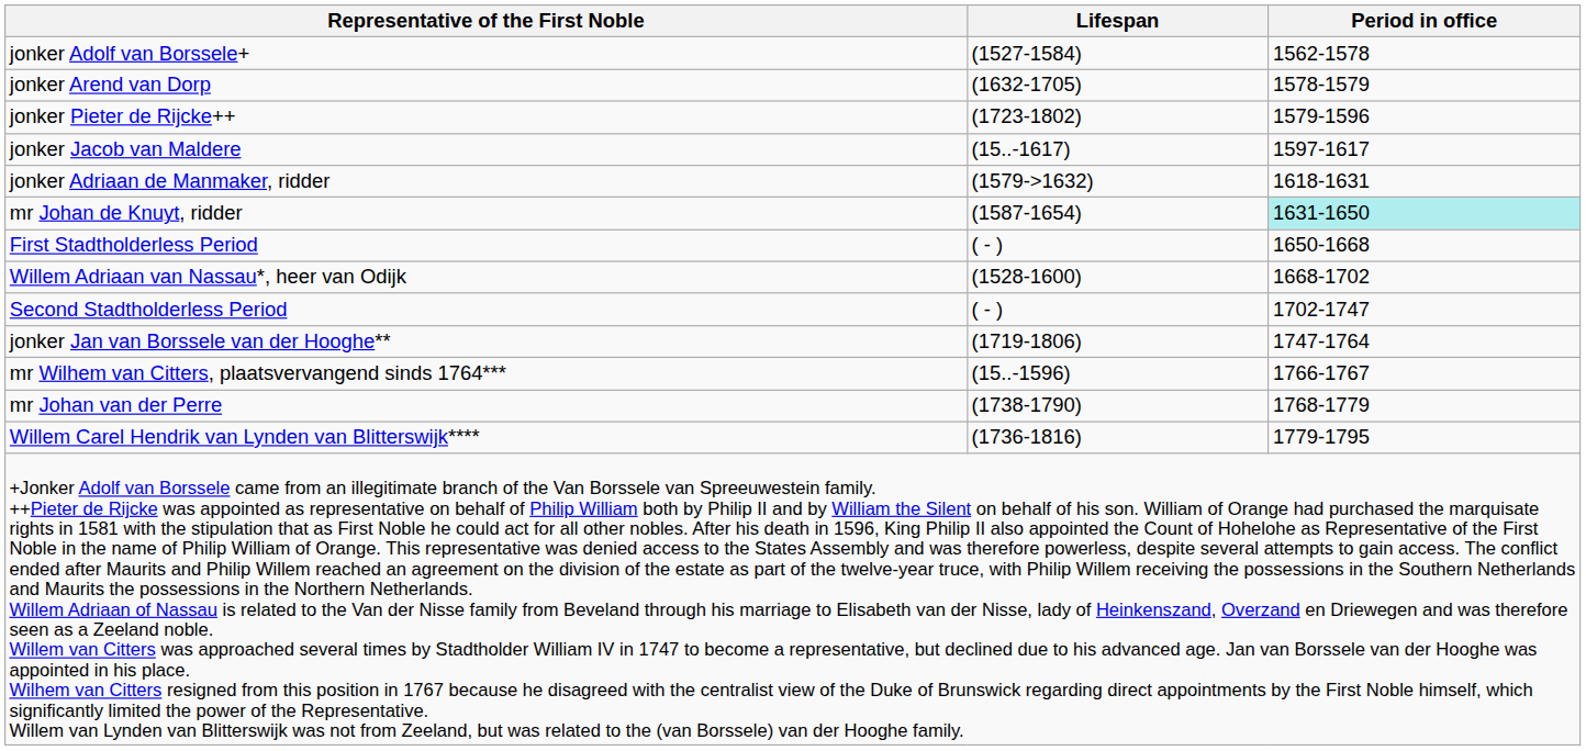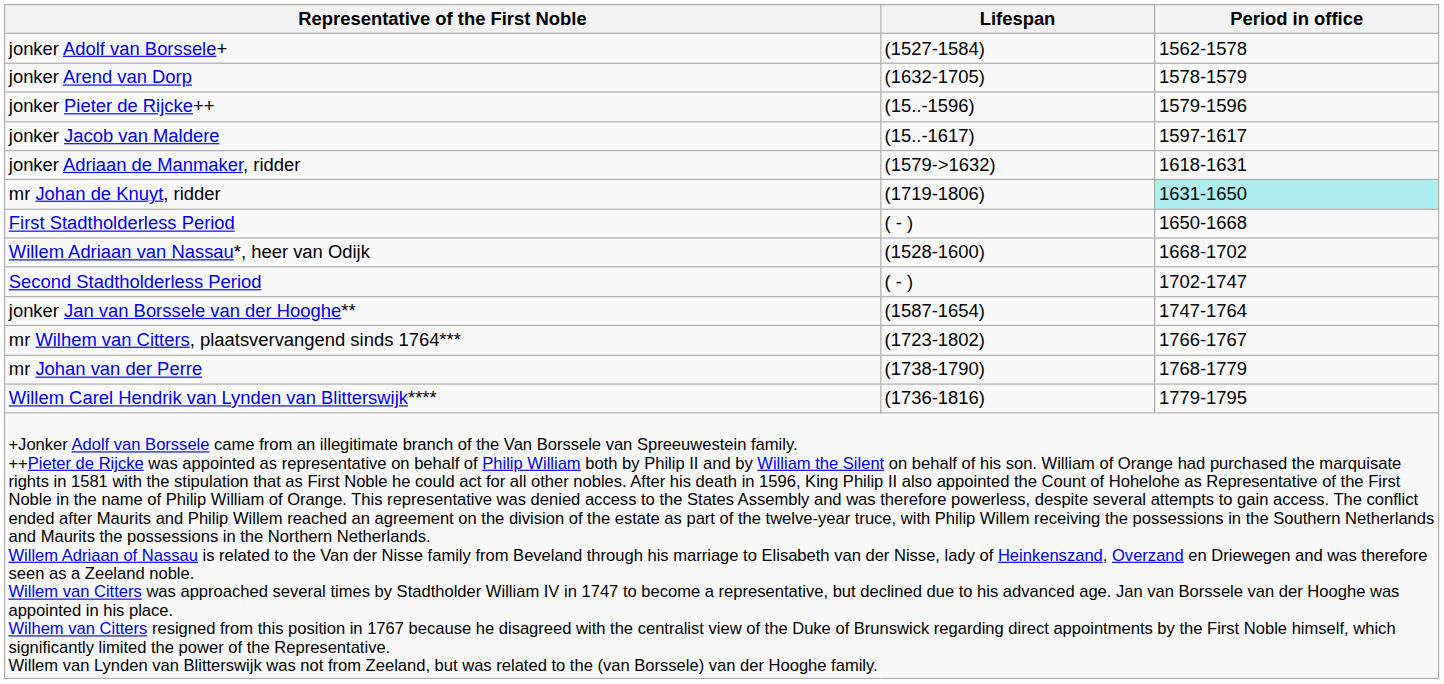 <table class="wikitable">
 <tr>
 <th>Representative of the First Noble</th>
 <th>Lifespan</th>
 <th>Period in office</th>
 </tr>
 <tr>
 <td 1>jonker <a href='#'>Adolf van Borssele</a>+</td>
 <td>(1527-1584)</td>
 <td>1562-1578</td>
 </tr>
 <tr>
 <td 2>jonker <a href='#'>Arend van Dorp</a></td>
 <td>(1632-1705)</td>
 <td>1578-1579</td>
 </tr>
 <tr>
 <td 3>jonker <a href='#'>Pieter de Rijcke</a>++</td>
-<td>(1723-1802)</td>
+<td>(15..-1596)</td>
 <td>1579-1596</td>
 </tr>
 <tr>
 <td 4>jonker <a href='#'>Jacob van Maldere</a></td>
 <td>(15..-1617)</td>
 <td>1597-1617</td>
 </tr>
 <tr>
 <td 5>jonker <a href='#'>Adriaan de Manmaker</a>, ridder</td>
 <td>(1579->1632)</td>
 <td>1618-1631</td>
 </tr>
 <tr>
 <td 6>mr <a href='#'>Johan de Knuyt</a>, ridder</td>
-<td>(1587-1654)</td>
+<td>(1719-1806)</td>
 <td style="background: paleturquoise;">1631-1650</td>
 </tr>
 <tr>
 <td 7><a href='#'>First Stadtholderless Period</a></td>
 <td>(    -    )</td>
 <td>1650-1668</td>
 </tr>
 <tr>
 <td 8><a href='#'>Willem Adriaan van Nassau</a>*, heer van Odijk</td>
 <td>(1528-1600)</td>
 <td>1668-1702</td>
 </tr>
 <tr>
 <td 9><a href='#'>Second Stadtholderless Period</a></td>
 <td>(    -    )</td>
 <td>1702-1747</td>
 </tr>
 <tr>
 <td 10>jonker <a href='#'>Jan van Borssele van der Hooghe</a>**</td>
-<td>(1719-1806)</td>
+<td>(1587-1654)</td>
 <td>1747-1764</td>
 </tr>
 <tr>
 <td 11>mr <a href='#'>Wilhem van Citters</a>, plaatsvervangend sinds 1764***</td>
-<td>(15..-1596)</td>
+<td>(1723-1802)</td>
 <td>1766-1767</td>
 </tr>
 <tr>
 <td 12>mr <a href='#'>Johan van der Perre</a></td>
 <td>(1738-1790)</td>
 <td>1768-1779</td>
 </tr>
 <tr>
 <td 13><a href='#'>Willem Carel Hendrik van Lynden van Blitterswijk</a>****</td>
 <td>(1736-1816)</td>
 <td>1779-1795</td>
 </tr>
 <tr>
 <td colspan=3 style="font-size:90%"><br>+Jonker <a href='#'>Adolf van Borssele</a> came from an illegitimate branch of the Van Borssele van Spreeuwestein family.<br> ++<a href='#'>Pieter de Rijcke</a> was appointed as representative on behalf of <a href='#'>Philip William</a> both by Philip II and by <a href='#'>William the Silent</a> on behalf of his son. William of Orange had purchased the marquisate rights in 1581 with the stipulation that as First Noble he could act for all other nobles. After his death in 1596, King Philip II also appointed the Count of Hohelohe as Representative of the First Noble in the name of Philip William of Orange. This representative was denied access to the States Assembly and was therefore powerless, despite several attempts to gain access. The conflict ended after Maurits and Philip Willem reached an agreement on the division of the estate as part of the twelve-year truce, with Philip Willem receiving the possessions in the Southern Netherlands and Maurits the possessions in the Northern Netherlands.<br><a href='#'>Willem Adriaan of Nassau</a> is related to the Van der Nisse family from Beveland through his marriage to Elisabeth van der Nisse, lady of <a href='#'>Heinkenszand</a>, <a href='#'>Overzand</a> en Driewegen and was therefore seen as a Zeeland noble.<br><a href='#'>Willem van Citters</a> was approached several times by Stadtholder William IV in 1747 to become a representative, but declined due to his advanced age. Jan van Borssele van der Hooghe was appointed in his place.<br><a href='#'>Wilhem van Citters</a> resigned from this position in 1767 because he disagreed with the centralist view of the Duke of Brunswick regarding direct appointments by the First Noble himself, which significantly limited the power of the Representative.<br>Willem van Lynden van Blitterswijk was not from Zeeland, but was related to the (van Borssele) van der Hooghe family.</td>
 </tr>
 </table>
